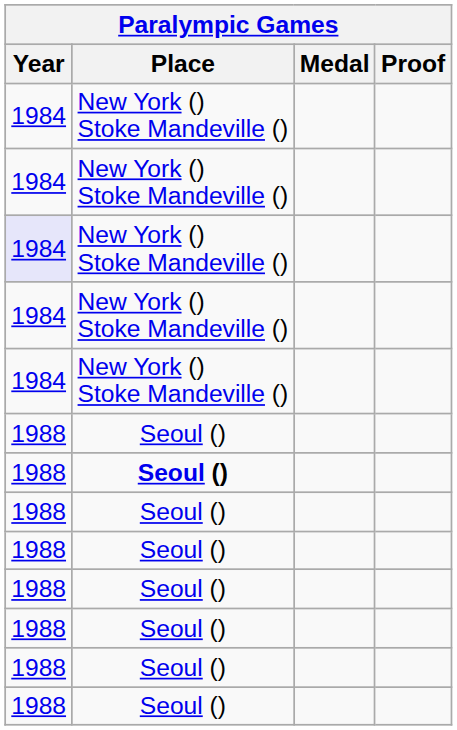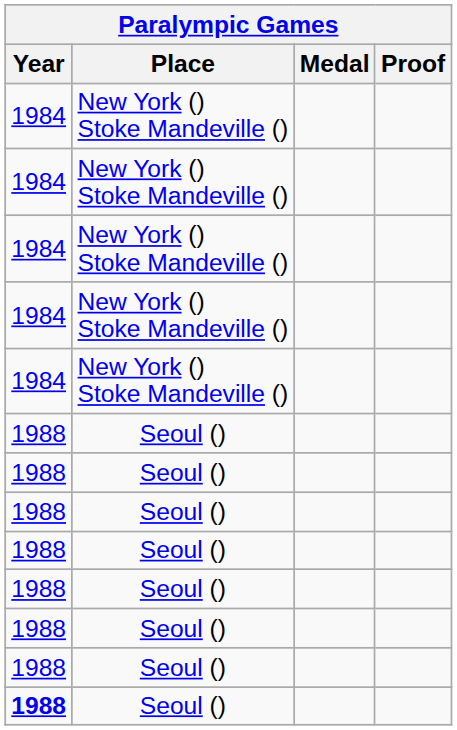 <table class="wikitable" style="margin:1em auto; font-size:90%">
 <tr>
 <th colspan=4><a href='#'>Paralympic Games</a></th>
 </tr>
 <tr>
 <th>Year</th>
 <th>Place</th>
 <th>Medal</th>
 <th>Proof</th>
 </tr>
 <tr>
 <td align=center><a href='#'>1984</a></td>
 <td align=left><a href='#'>New York</a> ()<br><a href='#'>Stoke Mandeville</a> ()</td>
 <td align=center></td>
 <td align=center></td>
 </tr>
 <tr>
 <td align=center><a href='#'>1984</a></td>
 <td align=left><a href='#'>New York</a> ()<br><a href='#'>Stoke Mandeville</a> ()</td>
 <td align=center></td>
 <td align=center></td>
 </tr>
 <tr>
-<td align=center style="background: lavender;"><a href='#'>1984</a></td>
+<td align=center><a href='#'>1984</a></td>
 <td align=left><a href='#'>New York</a> ()<br><a href='#'>Stoke Mandeville</a> ()</td>
 <td align=center></td>
 <td align=center></td>
 </tr>
 <tr>
 <td align=center><a href='#'>1984</a></td>
 <td align=left><a href='#'>New York</a> ()<br><a href='#'>Stoke Mandeville</a> ()</td>
 <td align=center></td>
 <td align=center></td>
 </tr>
 <tr>
 <td align=center><a href='#'>1984</a></td>
 <td align=left><a href='#'>New York</a> ()<br><a href='#'>Stoke Mandeville</a> ()</td>
-<td align=center></td>
-<td align=center></td>
-</tr>
-<tr>
-<td align=center><a href='#'>1988</a></td>
-<td align=center><a href='#'>Seoul</a> ()</td>
-<td align=center></td>
-<td align=center></td>
-</tr>
-<tr>
-<td align=center><a href='#'>1988</a></td>
-<td align=center><strong><a href='#'>Seoul</a> ()</strong></td>
 <td align=center></td>
 <td align=center></td>
 </tr>
 <tr>
 <td align=center><a href='#'>1988</a></td>
 <td align=center><a href='#'>Seoul</a> ()</td>
 <td align=center></td>
 <td align=center></td>
 </tr>
 <tr>
 <td align=center><a href='#'>1988</a></td>
 <td align=center><a href='#'>Seoul</a> ()</td>
 <td align=center></td>
 <td align=center></td>
 </tr>
 <tr>
 <td align=center><a href='#'>1988</a></td>
 <td align=center><a href='#'>Seoul</a> ()</td>
 <td align=center></td>
 <td align=center></td>
 </tr>
 <tr>
 <td align=center><a href='#'>1988</a></td>
 <td align=center><a href='#'>Seoul</a> ()</td>
 <td align=center></td>
 <td align=center></td>
 </tr>
 <tr>
 <td align=center><a href='#'>1988</a></td>
 <td align=center><a href='#'>Seoul</a> ()</td>
 <td align=center></td>
 <td align=center></td>
 </tr>
 <tr>
 <td align=center><a href='#'>1988</a></td>
 <td align=center><a href='#'>Seoul</a> ()</td>
 <td align=center></td>
 <td align=center></td>
 </tr>
+<tr>
+<td align=center><a href='#'>1988</a></td>
+<td align=center><a href='#'>Seoul</a> ()</td>
+<td align=center></td>
+<td align=center></td>
+</tr>
+<tr>
+<td align=center><strong><a href='#'>1988</a></strong></td>
+<td align=center><a href='#'>Seoul</a> ()</td>
+<td align=center></td>
+<td align=center></td>
+</tr>
 </table>
